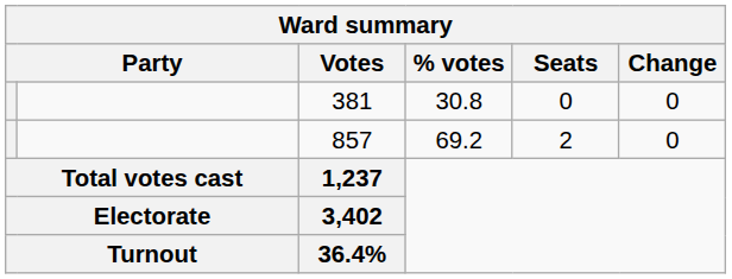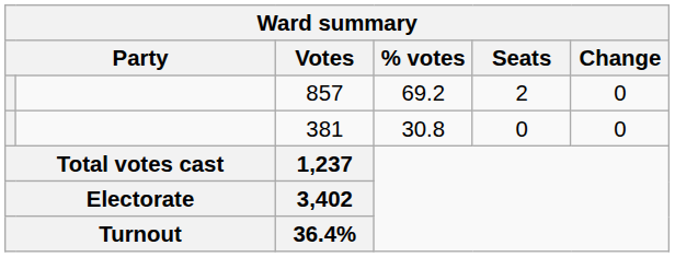 <table class="wikitable" style="font-size: 95%;">
 <tr style="background-color:#E9E9E9">
 <th colspan="6">Ward summary</th>
 </tr>
 <tr style="background-color:#E9E9E9">
 <th colspan="2">Party</th>
 <th style="width: 60px">Votes</th>
 <th style="width: 60px">% votes</th>
 <th style="width: 60px">Seats</th>
 <th style="width: 60px">Change</th>
 </tr>
 <tr>
 <th style="background-color: "></th>
 <td style="width: 170px"><a href='#'></a></td>
-<td align="center">381</td>
-<td align="center">30.8</td>
-<td align="center">0</td>
+<td align="center">857</td>
+<td align="center">69.2</td>
+<td align="center">2</td>
 <td align="center">0</td>
 </tr>
 <tr>
 <th style="background-color: "></th>
 <td style="width: 170px"><a href='#'></a></td>
-<td align="center">857</td>
-<td align="center">69.2</td>
-<td align="center">2</td>
+<td align="center">381</td>
+<td align="center">30.8</td>
+<td align="center">0</td>
 <td align="center">0</td>
 </tr>
 <tr style="background-color:#E9E9E9">
 <th colspan="2">Total votes cast</th>
 <th style="width: 60px">1,237</th>
 </tr>
 <tr style="background-color:#E9E9E9">
 <th colspan="2">Electorate</th>
 <th style="width: 60px">3,402</th>
 </tr>
 <tr style="background-color:#E9E9E9">
 <th colspan="2">Turnout</th>
 <th style="width: 60px">36.4%</th>
 </tr>
 </table>
